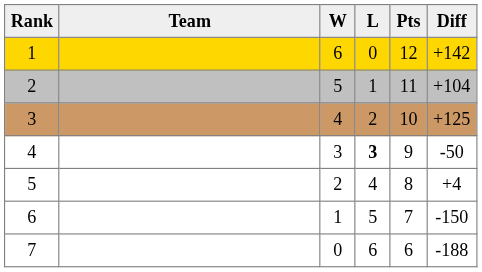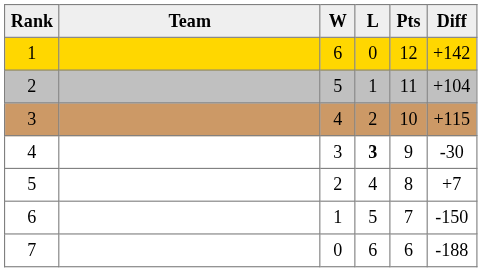 <table style=border-collapse:collapse border=1 cellspacing=0 cellpadding=5>
 <tr align=center bgcolor=#efefef>
 <th width=20>Rank</th>
 <th width=220>Team</th>
 <th width=20>W</th>
 <th width=20>L</th>
 <th width=20>Pts</th>
 <th width=20>Diff</th>
 </tr>
 <tr align=center bgcolor=gold>
 <td>1</td>
 <td align=left></td>
 <td>6</td>
 <td>0</td>
 <td>12</td>
 <td>+142</td>
 </tr>
 <tr align=center bgcolor=silver>
 <td>2</td>
 <td align=left></td>
 <td>5</td>
 <td>1</td>
 <td>11</td>
 <td>+104</td>
 </tr>
 <tr align=center bgcolor=cc9966>
 <td>3</td>
 <td align=left></td>
 <td>4</td>
 <td>2</td>
 <td>10</td>
-<td>+125</td>
+<td>+115</td>
 </tr>
 <tr align=center>
 <td>4</td>
 <td align=left></td>
 <td>3</td>
 <td><strong>3</strong></td>
 <td>9</td>
-<td>-50</td>
+<td>-30</td>
 </tr>
 <tr align=center>
 <td>5</td>
 <td align=left></td>
 <td>2</td>
 <td>4</td>
 <td>8</td>
-<td>+4</td>
+<td>+7</td>
 </tr>
 <tr align=center>
 <td>6</td>
 <td align=left></td>
 <td>1</td>
 <td>5</td>
 <td>7</td>
 <td>-150</td>
 </tr>
 <tr align=center>
 <td>7</td>
 <td align=left></td>
 <td>0</td>
 <td>6</td>
 <td>6</td>
 <td>-188</td>
 </tr>
 </table>
